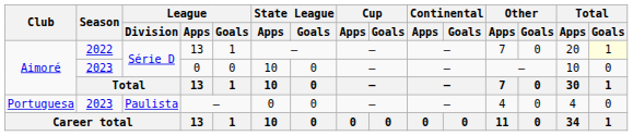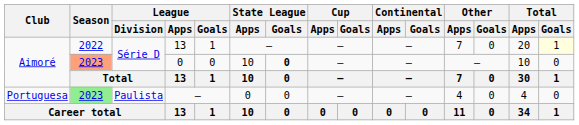 <table class="wikitable" style="text-align: center;">
 <tr>
 <th rowspan="2">Club</th>
 <th rowspan="2">Season</th>
 <th colspan="3">League</th>
 <th colspan="2">State League</th>
 <th colspan="2">Cup</th>
 <th colspan="2">Continental</th>
 <th colspan="2">Other</th>
 <th colspan="2">Total</th>
 </tr>
 <tr>
 <th>Division</th>
 <th>Apps</th>
 <th>Goals</th>
 <th>Apps</th>
 <th>Goals</th>
 <th>Apps</th>
 <th>Goals</th>
 <th>Apps</th>
 <th>Goals</th>
 <th>Apps</th>
 <th>Goals</th>
 <th>Apps</th>
 <th>Goals</th>
 </tr>
 <tr>
 <td rowspan="3" valign="center"><a href='#'>Aimoré</a></td>
 <td><a href='#'>2022</a></td>
 <td rowspan="2"><a href='#'>Série D</a></td>
 <td>13</td>
 <td>1</td>
 <td colspan="2">—</td>
 <td colspan="2">—</td>
 <td colspan="2">—</td>
 <td>7</td>
 <td>0</td>
 <td>20</td>
 <td style="background: lightyellow;">1</td>
 </tr>
 <tr>
-<td><a href='#'>2023</a></td>
+<td style="background: lightsalmon;"><a href='#'>2023</a></td>
 <td>0</td>
 <td>0</td>
 <td>10</td>
-<td>0</td>
+<td><strong>0</strong></td>
 <td colspan="2">—</td>
 <td colspan="2">—</td>
 <td colspan="2">—</td>
 <td>10</td>
 <td>0</td>
 </tr>
 <tr>
 <th colspan="2">Total</th>
 <th>13</th>
 <th>1</th>
 <th>10</th>
 <th>0</th>
 <th colspan="2">—</th>
 <th colspan="2">—</th>
 <th>7</th>
 <th>0</th>
 <th>30</th>
 <th>1</th>
 </tr>
 <tr>
 <td valign="center"><a href='#'>Portuguesa</a></td>
-<td><a href='#'>2023</a></td>
+<td style="background: lightgreen;"><a href='#'>2023</a></td>
 <td><a href='#'>Paulista</a></td>
 <td colspan="2">—</td>
 <td>0</td>
 <td>0</td>
 <td colspan="2">—</td>
 <td colspan="2">—</td>
 <td>4</td>
 <td>0</td>
 <td>4</td>
 <td>0</td>
 </tr>
 <tr>
 <th colspan="3"><strong>Career total</strong></th>
 <th>13</th>
 <th>1</th>
 <th>10</th>
 <th>0</th>
 <th>0</th>
 <th>0</th>
 <th>0</th>
 <th>0</th>
 <th>11</th>
 <th>0</th>
 <th>34</th>
 <th>1</th>
 </tr>
 </table>
